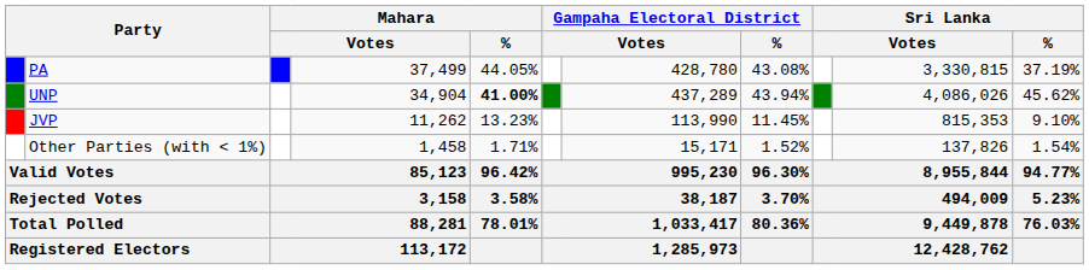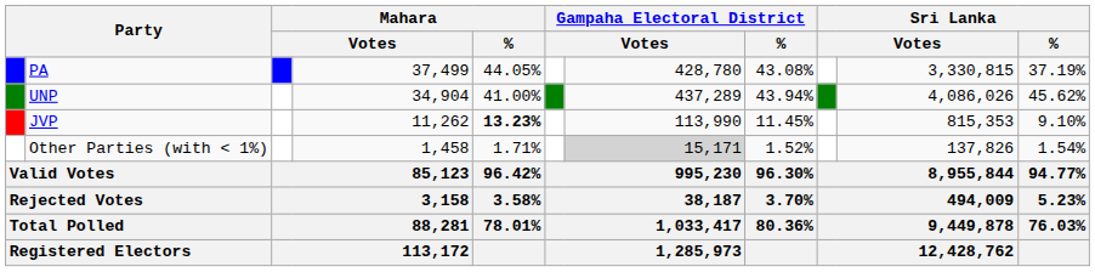 <table class="wikitable">
 <tr>
 <th colspan="2" width="144px"rowspan="2">Party</th>
 <th colspan="3" width="216px">Mahara</th>
 <th colspan="3" width="216px"><a href='#'>Gampaha Electoral District</a></th>
 <th colspan="3" width="216px">Sri Lanka</th>
 </tr>
 <tr>
 <th colspan="2" width="144px">Votes</th>
 <th>%</th>
 <th colspan="2" width="144px">Votes</th>
 <th>%</th>
 <th colspan="2" width="144px">Votes</th>
 <th>%</th>
 </tr>
 <tr>
 <td style="background-color:blue;" width="10px"></td>
 <td style="text-align:left;"><a href='#'>PA</a></td>
 <td style="background-color:blue;" width="10px"></td>
 <td style="text-align:right;">37,499</td>
 <td style="text-align:right;">44.05%</td>
 <td style="background-color:white;" width="10px"></td>
 <td style="text-align:right;">428,780</td>
 <td style="text-align:right;">43.08%</td>
 <td style="background-color:white;" width="10px"></td>
 <td style="text-align:right;">3,330,815</td>
 <td style="text-align:right;">37.19%</td>
 </tr>
 <tr>
 <td style="background-color:green;" width="10px"></td>
 <td style="text-align:left;"><a href='#'>UNP</a></td>
 <td style="background-color:white;" width="10px"></td>
 <td style="text-align:right;">34,904</td>
-<td style="text-align:right;"><strong>41.00%</strong></td>
+<td style="text-align:right;">41.00%</td>
 <td style="background-color:green;" width="10px"></td>
 <td style="text-align:right;">437,289</td>
 <td style="text-align:right;">43.94%</td>
 <td style="background-color:green;" width="10px"></td>
 <td style="text-align:right;">4,086,026</td>
 <td style="text-align:right;">45.62%</td>
 </tr>
 <tr>
 <td style="background-color:red;" width="10px"></td>
 <td style="text-align:left;"><a href='#'>JVP</a></td>
 <td style="background-color:white;" width="10px"></td>
 <td style="text-align:right;">11,262</td>
-<td style="text-align:right;">13.23%</td>
+<td style="text-align:right;"><strong>13.23%</strong></td>
 <td style="background-color:white;" width="10px"></td>
 <td style="text-align:right;">113,990</td>
 <td style="text-align:right;">11.45%</td>
 <td style="background-color:white;" width="10px"></td>
 <td style="text-align:right;">815,353</td>
 <td style="text-align:right;">9.10%</td>
 </tr>
 <tr>
 <td style="background-color:white;" width="10px"></td>
 <td style="text-align:left;">Other Parties (with < 1%)</td>
 <td style="background-color:white;" width="10px"></td>
 <td style="text-align:right;">1,458</td>
 <td style="text-align:right;">1.71%</td>
 <td style="background-color:white;" width="10px"></td>
-<td style="text-align:right;">15,171</td>
+<td style="background: lightgrey; text-align:right;">15,171</td>
 <td style="text-align:right;">1.52%</td>
 <td style="background-color:white;" width="10px"></td>
 <td style="text-align:right;">137,826</td>
 <td style="text-align:right;">1.54%</td>
 </tr>
 <tr>
 <th colspan="2" width="144px"style="text-align:left;">Valid Votes</th>
 <th style="text-align:right;"colspan="2" width="144px">85,123</th>
 <th style="text-align:right;">96.42%</th>
 <th style="text-align:right;"colspan="2" width="144px">995,230</th>
 <th style="text-align:right;">96.30%</th>
 <th style="text-align:right;"colspan="2" width="144px">8,955,844</th>
 <th style="text-align:right;">94.77%</th>
 </tr>
 <tr>
 <th colspan="2" width="144px"style="text-align:left;">Rejected Votes</th>
 <th style="text-align:right;"colspan="2" width="144px">3,158</th>
 <th style="text-align:right;">3.58%</th>
 <th style="text-align:right;"colspan="2" width="144px">38,187</th>
 <th style="text-align:right;">3.70%</th>
 <th style="text-align:right;"colspan="2" width="144px">494,009</th>
 <th style="text-align:right;">5.23%</th>
 </tr>
 <tr>
 <th colspan="2" width="144px"style="text-align:left;">Total Polled</th>
 <th style="text-align:right;"colspan="2" width="144px">88,281</th>
 <th style="text-align:right;">78.01%</th>
 <th style="text-align:right;"colspan="2" width="144px">1,033,417</th>
 <th style="text-align:right;">80.36%</th>
 <th style="text-align:right;"colspan="2" width="144px">9,449,878</th>
 <th style="text-align:right;">76.03%</th>
 </tr>
 <tr>
 <th colspan="2" width="144px"style="text-align:left;">Registered Electors</th>
 <th style="text-align:right;"colspan="2" width="144px">113,172</th>
 <th></th>
 <th style="text-align:right;"colspan="2" width="144px">1,285,973</th>
 <th></th>
 <th style="text-align:right;"colspan="2" width="144px">12,428,762</th>
 <th></th>
 </tr>
 </table>
